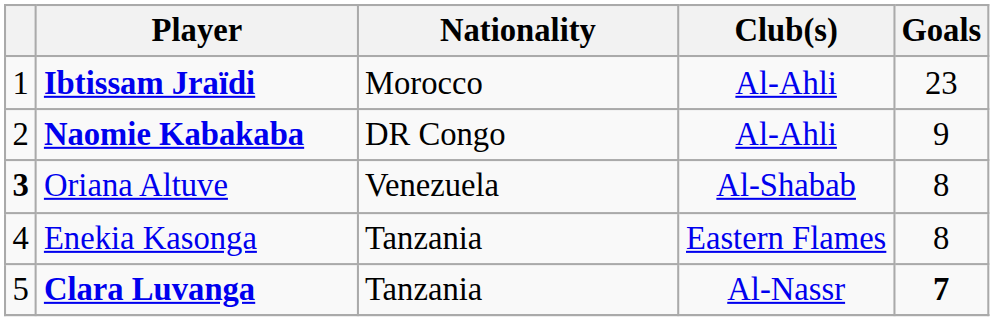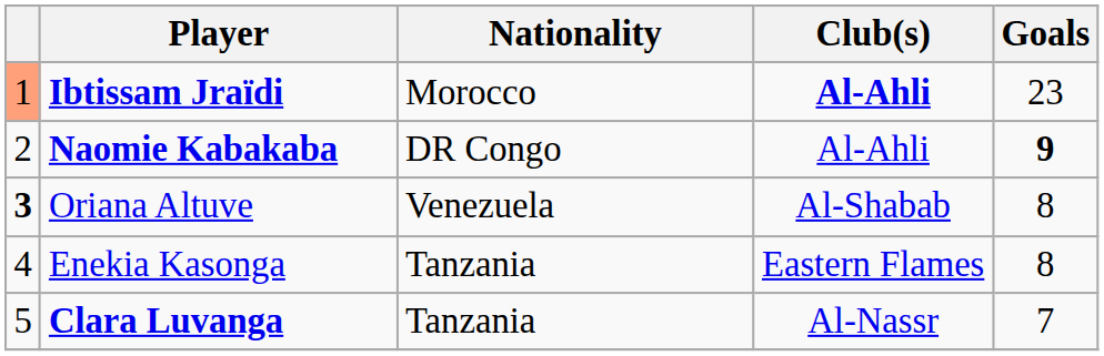 <table class="wikitable sortable" style="text-align:center">
 <tr>
 <th></th>
 <th width=150>Player</th>
 <th width=150>Nationality</th>
 <th>Club(s)</th>
 <th>Goals</th>
 </tr>
 <tr>
-<td style="text-align:center">1</td>
+<td style="background: lightsalmon; text-align:center">1</td>
 <td style="text-align:left"><strong><a href='#'>Ibtissam Jraïdi</a></strong></td>
 <td style="text-align:left"> Morocco</td>
-<td><a href='#'>Al-Ahli</a></td>
+<td><strong><a href='#'>Al-Ahli</a></strong></td>
 <td>23</td>
 </tr>
 <tr>
 <td style="text-align:center">2</td>
 <td style="text-align:left"><strong><a href='#'>Naomie Kabakaba</a></strong></td>
 <td style="text-align:left"> DR Congo</td>
 <td><a href='#'>Al-Ahli</a></td>
-<td>9</td>
+<td><strong>9</strong></td>
 </tr>
 <tr>
 <td style="text-align:center"><strong>3</strong></td>
 <td style="text-align:left"><a href='#'>Oriana Altuve</a></td>
 <td style="text-align:left"> Venezuela</td>
 <td><a href='#'>Al-Shabab</a></td>
 <td>8</td>
 </tr>
 <tr>
 <td style="text-align:center">4</td>
 <td style="text-align:left"><a href='#'>Enekia Kasonga</a></td>
 <td style="text-align:left"> Tanzania</td>
 <td><a href='#'>Eastern Flames</a></td>
 <td>8</td>
 </tr>
 <tr>
 <td style="text-align:center">5</td>
 <td style="text-align:left"><strong><a href='#'>Clara Luvanga</a></strong></td>
 <td style="text-align:left"> Tanzania</td>
 <td><a href='#'>Al-Nassr</a></td>
-<td><strong>7</strong></td>
+<td>7</td>
 </tr>
 <tr>
 </tr>
 </table>
